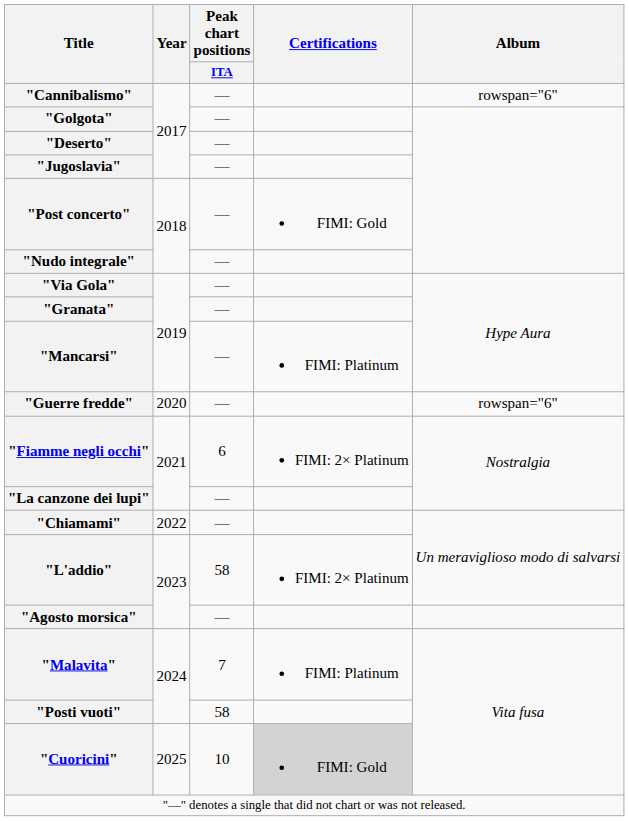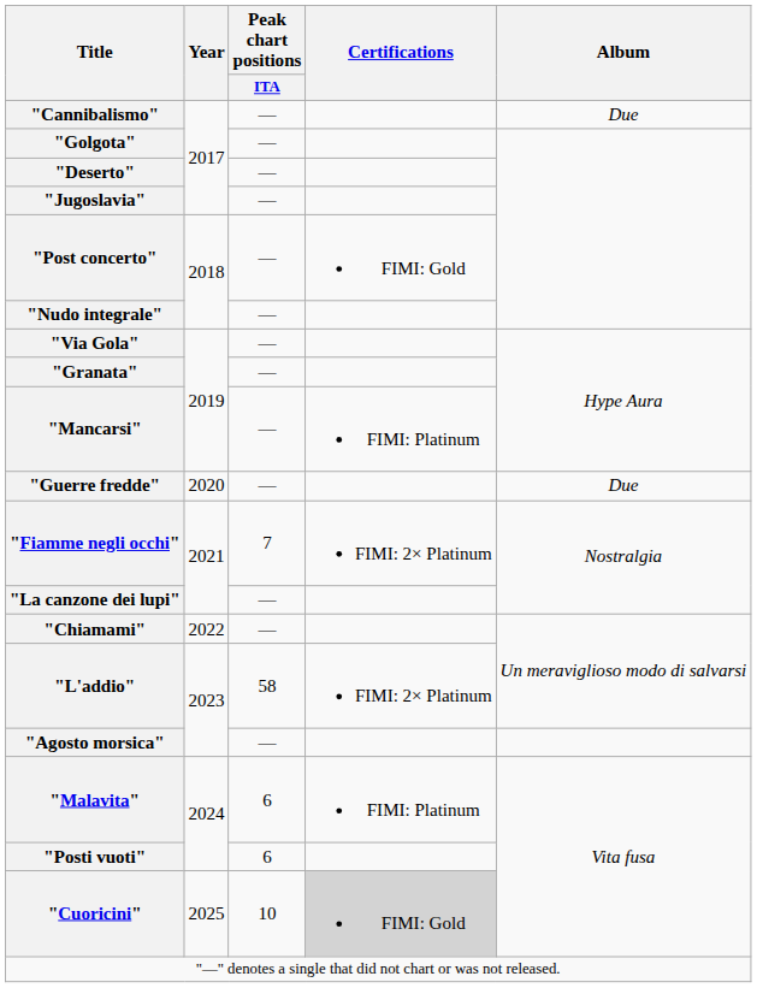 <table class="wikitable plainrowheaders" style="text-align:center;">
 <tr>
 <th scope="col" rowspan="2">Title</th>
 <th scope="col" rowspan="2">Year</th>
 <th scope="col" colspan="1">Peak chart positions</th>
 <th scope="col" rowspan="2"><a href='#'>Certifications</a></th>
 <th scope="col" rowspan="2">Album</th>
 </tr>
 <tr>
 <th scope="col" style="width:3em;font-size:85%"><a href='#'>ITA</a><br></th>
 </tr>
 <tr>
 <th scope="row">"Cannibalismo"</th>
 <td rowspan="4">2017</td>
 <td>—</td>
 <td></td>
-<td>rowspan="6" </td>
+<td><em>Due</em></td>
 </tr>
 <tr>
 <th scope="row">"Golgota"</th>
 <td>—</td>
 <td></td>
 </tr>
 <tr>
 <th scope="row">"Deserto"</th>
 <td>—</td>
 <td></td>
 </tr>
 <tr>
 <th scope="row">"Jugoslavia"</th>
 <td>—</td>
 <td></td>
 </tr>
 <tr>
 <th scope="row">"Post concerto"</th>
 <td rowspan="2">2018</td>
 <td>—</td>
 <td><br><ul><li>FIMI: Gold</li></ul></td>
 </tr>
 <tr>
 <th scope="row">"Nudo integrale"</th>
 <td>—</td>
 <td></td>
 </tr>
 <tr>
 <th scope="row">"Via Gola"</th>
 <td rowspan="3">2019</td>
 <td>—</td>
 <td></td>
 <td rowspan="3"><em>Hype Aura</em></td>
 </tr>
 <tr>
 <th scope="row">"Granata"</th>
 <td>—</td>
 <td></td>
 </tr>
 <tr>
 <th scope="row">"Mancarsi"</th>
 <td>—</td>
 <td><br><ul><li>FIMI: Platinum</li></ul></td>
 </tr>
 <tr>
 <th scope="row">"Guerre fredde"</th>
 <td>2020</td>
 <td>—</td>
 <td></td>
-<td>rowspan="6" </td>
+<td><em>Due</em></td>
 </tr>
 <tr>
 <th scope="row">"<a href='#'>Fiamme negli occhi</a>"</th>
 <td rowspan="2">2021</td>
-<td>6</td>
+<td>7</td>
 <td><br><ul><li>FIMI: 2× Platinum</li></ul></td>
 <td rowspan="2"><em>Nostralgia</em></td>
 </tr>
 <tr>
 <th scope="row">"La canzone dei lupi"</th>
 <td>—</td>
 <td></td>
 </tr>
 <tr>
 <th scope="row">"Chiamami"</th>
 <td>2022</td>
 <td>—</td>
 <td></td>
 <td rowspan="2"><em>Un meraviglioso modo di salvarsi</em></td>
 </tr>
 <tr>
 <th scope="row">"L'addio"</th>
 <td rowspan="2">2023</td>
 <td>58</td>
 <td><br><ul><li>FIMI: 2× Platinum</li></ul></td>
 </tr>
 <tr>
 <th scope="row">"Agosto morsica"</th>
 <td>—</td>
 <td></td>
 <td></td>
 </tr>
 <tr>
 <th scope="row">"<a href='#'>Malavita</a>"</th>
 <td rowspan="2">2024</td>
-<td>7</td>
+<td>6</td>
 <td><br><ul><li>FIMI: Platinum</li></ul></td>
 <td rowspan="3"><em>Vita fusa</em></td>
 </tr>
 <tr>
 <th scope="row">"Posti vuoti"</th>
-<td>58</td>
+<td>6</td>
 <td></td>
 </tr>
 <tr>
 <th scope="row">"<a href='#'>Cuoricini</a>"</th>
 <td>2025</td>
 <td>10</td>
 <td style="background: lightgrey;"><br><ul><li>FIMI: Gold</li></ul></td>
 </tr>
 <tr>
 <td colspan="5" style="text-align:center; font-size:85%;">"—" denotes a single that did not chart or was not released.</td>
 </tr>
 </table>
